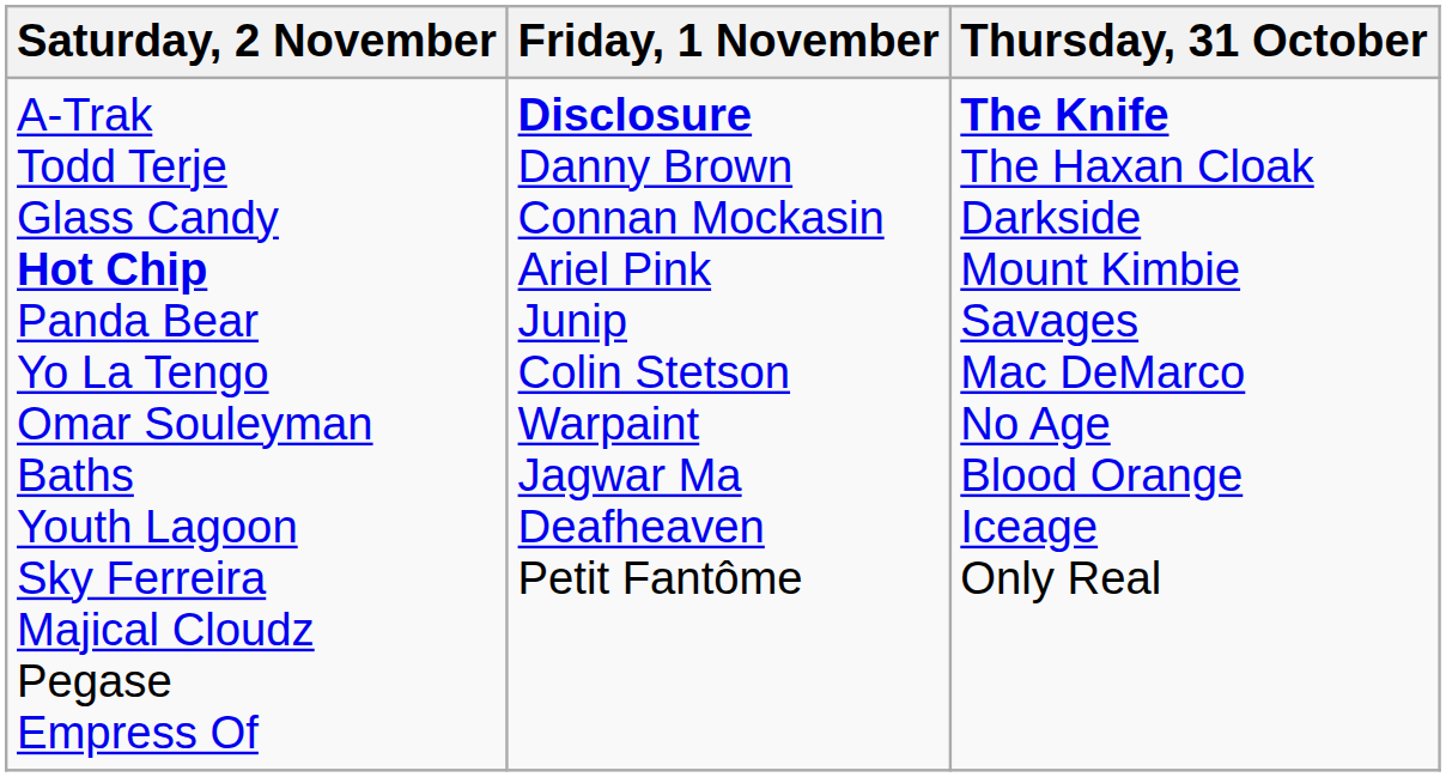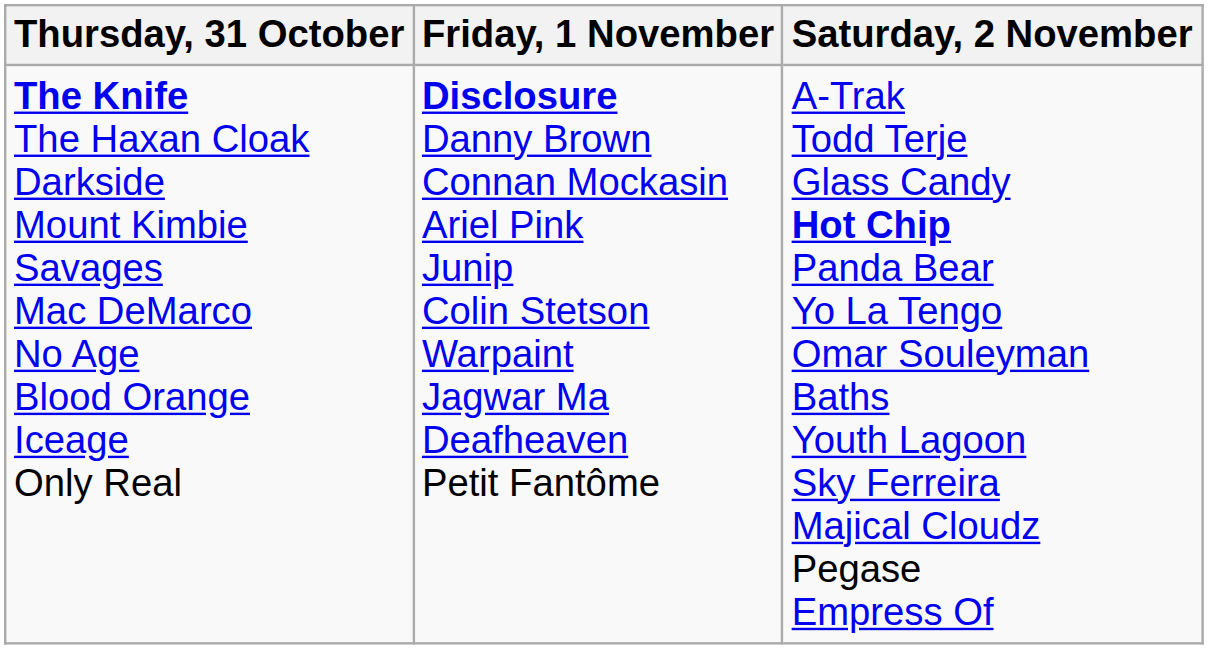 <table class="wikitable">
 <tr>
+<th>Thursday, 31 October</th>
+<th>Friday, 1 November</th>
 <th>Saturday, 2 November</th>
-<th>Friday, 1 November</th>
-<th>Thursday, 31 October</th>
 </tr>
 <tr valign="top">
+<td><strong><a href='#'>The Knife</a></strong><br><a href='#'>The Haxan Cloak</a><br><a href='#'>Darkside</a><br><a href='#'>Mount Kimbie</a><br><a href='#'>Savages</a><br><a href='#'>Mac DeMarco</a><br><a href='#'>No Age</a><br><a href='#'>Blood Orange</a><br><a href='#'>Iceage</a><br>Only Real</td>
+<td><strong><a href='#'>Disclosure</a></strong><br><a href='#'>Danny Brown</a><br><a href='#'>Connan Mockasin</a><br><a href='#'>Ariel Pink</a><br><a href='#'>Junip</a><br><a href='#'>Colin Stetson</a><br><a href='#'>Warpaint</a><br><a href='#'>Jagwar Ma</a><br><a href='#'>Deafheaven</a><br>Petit Fantôme</td>
 <td><a href='#'>A-Trak</a><br><a href='#'>Todd Terje</a><br><a href='#'>Glass Candy</a><br><strong><a href='#'>Hot Chip</a></strong><br><a href='#'>Panda Bear</a><br><a href='#'>Yo La Tengo</a><br><a href='#'>Omar Souleyman</a><br><a href='#'>Baths</a><br><a href='#'>Youth Lagoon</a><br><a href='#'>Sky Ferreira</a><br><a href='#'>Majical Cloudz</a><br>Pegase<br><a href='#'>Empress Of</a></td>
-<td><strong><a href='#'>Disclosure</a></strong><br><a href='#'>Danny Brown</a><br><a href='#'>Connan Mockasin</a><br><a href='#'>Ariel Pink</a><br><a href='#'>Junip</a><br><a href='#'>Colin Stetson</a><br><a href='#'>Warpaint</a><br><a href='#'>Jagwar Ma</a><br><a href='#'>Deafheaven</a><br>Petit Fantôme</td>
-<td><strong><a href='#'>The Knife</a></strong><br><a href='#'>The Haxan Cloak</a><br><a href='#'>Darkside</a><br><a href='#'>Mount Kimbie</a><br><a href='#'>Savages</a><br><a href='#'>Mac DeMarco</a><br><a href='#'>No Age</a><br><a href='#'>Blood Orange</a><br><a href='#'>Iceage</a><br>Only Real</td>
 </tr>
 </table>
